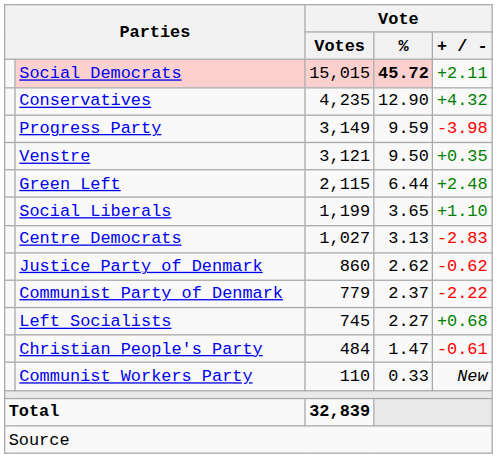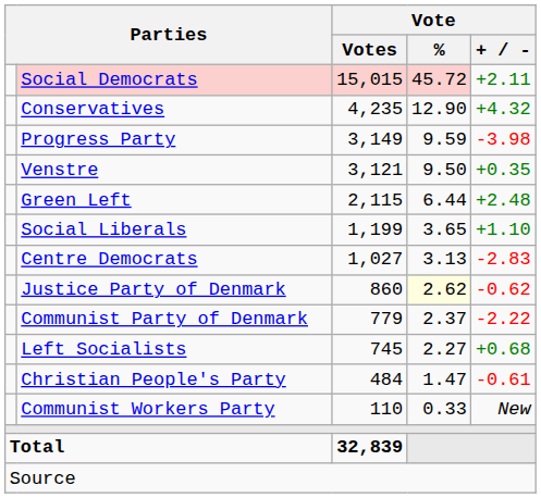 <table class="wikitable" style="text-align:right;">
 <tr>
 <th style="text-align:centre;" rowspan="2" colspan="2" width="225">Parties</th>
 <th colspan="3">Vote</th>
 </tr>
 <tr>
 <th width="15">Votes</th>
 <th width="15">%</th>
 <th width="15">+ / -</th>
 </tr>
 <tr>
 <td width="2" style="color:inherit;background:"></td>
 <td bgcolor=#fbd0ce  align="left"><a href='#'>Social Democrats</a></td>
 <td bgcolor=#fbd0ce>15,015</td>
-<td bgcolor=#fbd0ce><strong>45.72</strong></td>
+<td bgcolor=#fbd0ce>45.72</td>
 <td style=color:green;>+2.11</td>
 </tr>
 <tr>
 <td width="2" style="color:inherit;background:"></td>
 <td align="left"><a href='#'>Conservatives</a></td>
 <td>4,235</td>
 <td>12.90</td>
 <td style=color:green;>+4.32</td>
 </tr>
 <tr>
 <td width="2" style="color:inherit;background:"></td>
 <td align="left"><a href='#'>Progress Party</a></td>
 <td>3,149</td>
 <td>9.59</td>
 <td style=color:red;>-3.98</td>
 </tr>
 <tr>
 <td width="2" style="color:inherit;background:"></td>
 <td align="left"><a href='#'>Venstre</a></td>
 <td>3,121</td>
 <td>9.50</td>
 <td style=color:green;>+0.35</td>
 </tr>
 <tr>
 <td width="2" style="color:inherit;background:"></td>
 <td align="left"><a href='#'>Green Left</a></td>
 <td>2,115</td>
 <td>6.44</td>
 <td style=color:green;>+2.48</td>
 </tr>
 <tr>
 <td width="2" style="color:inherit;background:"></td>
 <td align="left"><a href='#'>Social Liberals</a></td>
 <td>1,199</td>
 <td>3.65</td>
 <td style=color:green;>+1.10</td>
 </tr>
 <tr>
 <td width="2" style="color:inherit;background:"></td>
 <td align="left"><a href='#'>Centre Democrats</a></td>
 <td>1,027</td>
 <td>3.13</td>
 <td style=color:red;>-2.83</td>
 </tr>
 <tr>
 <td width="2" style="color:inherit;background:"></td>
 <td align="left"><a href='#'>Justice Party of Denmark</a></td>
 <td>860</td>
-<td>2.62</td>
+<td style="background: lightyellow;">2.62</td>
 <td style=color:red;>-0.62</td>
 </tr>
 <tr>
 <td width="2" style="color:inherit;background:"></td>
 <td align="left"><a href='#'>Communist Party of Denmark</a></td>
 <td>779</td>
 <td>2.37</td>
 <td style=color:red;>-2.22</td>
 </tr>
 <tr>
 <td width="2" style="color:inherit;background:"></td>
 <td align="left"><a href='#'>Left Socialists</a></td>
 <td>745</td>
 <td>2.27</td>
 <td style=color:green;>+0.68</td>
 </tr>
 <tr>
 <td width="2" style="color:inherit;background:"></td>
 <td align="left"><a href='#'>Christian People's Party</a></td>
 <td>484</td>
 <td>1.47</td>
 <td style=color:red;>-0.61</td>
 </tr>
 <tr>
 <td width="2" style="color:inherit;background:"></td>
 <td align="left"><a href='#'>Communist Workers Party</a></td>
 <td>110</td>
 <td>0.33</td>
 <td><em>New</em></td>
 </tr>
 <tr>
 <td colspan="7" bgcolor="#E9E9E9"></td>
 </tr>
 <tr>
 <td align="left" colspan="2"><strong>Total</strong></td>
 <td><strong>32,839</strong></td>
 <td bgcolor="#E9E9E9" colspan="2"></td>
 </tr>
 <tr>
 <td align="left" colspan="6">Source</td>
 </tr>
 </table>
